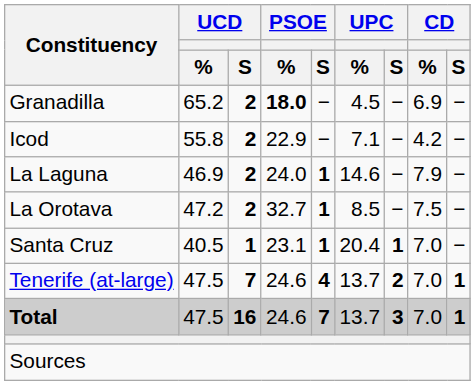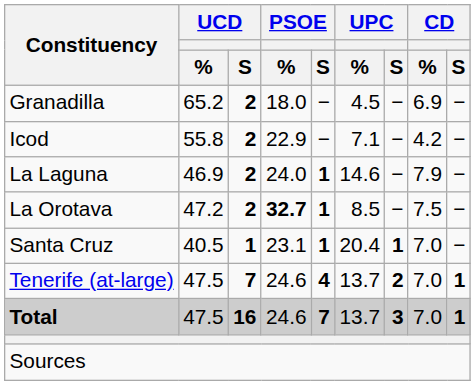 <table class="wikitable sortable" style="text-align:right; line-height:20px;">
 <tr>
 <th rowspan="3">Constituency</th>
 <th colspan="2" width="30px" class="unsortable"><a href='#'>UCD</a></th>
 <th colspan="2" width="30px" class="unsortable"><a href='#'>PSOE</a></th>
 <th colspan="2" width="30px" class="unsortable"><a href='#'>UPC</a></th>
 <th colspan="2" width="30px" class="unsortable"><a href='#'>CD</a></th>
 </tr>
 <tr>
 <th colspan="2" style="background:"></th>
 <th colspan="2" style="background:"></th>
 <th colspan="2" style="background:"></th>
 <th colspan="2" style="background:"></th>
 </tr>
 <tr>
 <th data-sort-type="number">%</th>
 <th data-sort-type="number">S</th>
 <th data-sort-type="number">%</th>
 <th data-sort-type="number">S</th>
 <th data-sort-type="number">%</th>
 <th data-sort-type="number">S</th>
 <th data-sort-type="number">%</th>
 <th data-sort-type="number">S</th>
 </tr>
 <tr>
 <td align="left">Granadilla</td>
 <td style="background:">65.2</td>
 <td><strong>2</strong></td>
-<td><strong>18.0</strong></td>
+<td>18.0</td>
 <td>−</td>
 <td>4.5</td>
 <td>−</td>
 <td>6.9</td>
 <td>−</td>
 </tr>
 <tr>
 <td align="left">Icod</td>
 <td style="background:">55.8</td>
 <td><strong>2</strong></td>
 <td>22.9</td>
 <td>−</td>
 <td>7.1</td>
 <td>−</td>
 <td>4.2</td>
 <td>−</td>
 </tr>
 <tr>
 <td align="left">La Laguna</td>
 <td style="background:">46.9</td>
 <td><strong>2</strong></td>
 <td>24.0</td>
 <td><strong>1</strong></td>
 <td>14.6</td>
 <td>−</td>
 <td>7.9</td>
 <td>−</td>
 </tr>
 <tr>
 <td align="left">La Orotava</td>
 <td style="background:">47.2</td>
 <td><strong>2</strong></td>
-<td>32.7</td>
+<td><strong>32.7</strong></td>
 <td><strong>1</strong></td>
 <td>8.5</td>
 <td>−</td>
 <td>7.5</td>
 <td>−</td>
 </tr>
 <tr>
 <td align="left">Santa Cruz</td>
 <td style="background:">40.5</td>
 <td><strong>1</strong></td>
 <td>23.1</td>
 <td><strong>1</strong></td>
 <td>20.4</td>
 <td><strong>1</strong></td>
 <td>7.0</td>
 <td>−</td>
 </tr>
 <tr>
 <td align="left"><a href='#'>Tenerife (at-large)</a></td>
 <td style="background:">47.5</td>
 <td><strong>7</strong></td>
 <td>24.6</td>
 <td><strong>4</strong></td>
 <td>13.7</td>
 <td><strong>2</strong></td>
 <td>7.0</td>
 <td><strong>1</strong></td>
 </tr>
 <tr style="background:#CDCDCD;">
 <td align="left"><strong>Total</strong></td>
 <td style="background:">47.5</td>
 <td><strong>16</strong></td>
 <td>24.6</td>
 <td><strong>7</strong></td>
 <td>13.7</td>
 <td><strong>3</strong></td>
 <td>7.0</td>
 <td><strong>1</strong></td>
 </tr>
 <tr>
 <th colspan="9"></th>
 </tr>
 <tr>
 <th style="text-align:left; font-weight:normal; background:#F9F9F9" colspan="9">Sources</th>
 </tr>
 </table>
